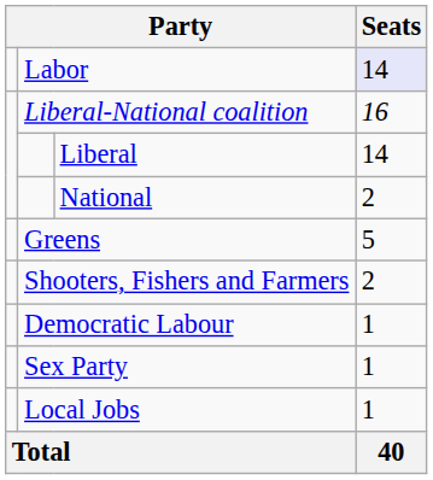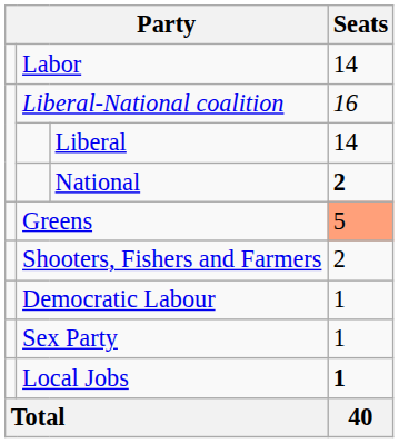 <table class="wikitable">
 <tr>
 <th colspan =3>Party</th>
 <th>Seats</th>
 </tr>
 <tr>
 <td></td>
 <td colspan =2><a href='#'>Labor</a></td>
-<td style="background: lavender;">14</td>
+<td>14</td>
 </tr>
 <tr>
 <td rowspan =3 ></td>
 <td colspan =2><em><a href='#'>Liberal-National coalition</a></em></td>
 <td><em>16</em></td>
 </tr>
 <tr>
 <td></td>
 <td><a href='#'>Liberal</a></td>
 <td>14</td>
 </tr>
 <tr>
 <td></td>
 <td><a href='#'>National</a></td>
-<td>2</td>
+<td><strong>2</strong></td>
 </tr>
 <tr>
 <td></td>
 <td colspan =2><a href='#'>Greens</a></td>
-<td>5</td>
+<td style="background: lightsalmon;">5</td>
 </tr>
 <tr>
 <td></td>
 <td colspan =2><a href='#'>Shooters, Fishers and Farmers</a></td>
 <td>2</td>
 </tr>
 <tr>
 <td></td>
 <td colspan =2><a href='#'>Democratic Labour</a></td>
 <td>1 </td>
 </tr>
 <tr>
 <td></td>
 <td colspan =2><a href='#'>Sex Party</a></td>
 <td>1</td>
 </tr>
 <tr>
 <td></td>
 <td colspan =2><a href='#'>Local Jobs</a></td>
-<td>1</td>
+<td><strong>1</strong></td>
 </tr>
 <tr>
 <th style="text-align:left;" colspan =3><strong>Total</strong></th>
 <th><strong>40</strong></th>
 </tr>
 </table>
